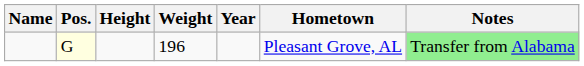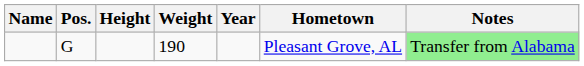 <table class="wikitable sortable" border="1">
 <tr>
 <th>Name</th>
 <th>Pos.</th>
 <th>Height</th>
 <th>Weight</th>
 <th>Year</th>
 <th>Hometown</th>
 <th class="unsortable">Notes</th>
 </tr>
 <tr>
 <td><strong></strong></td>
-<td style="background: lightyellow;">G</td>
+<td>G</td>
 <td></td>
-<td>196</td>
+<td>190</td>
 <td></td>
 <td><a href='#'>Pleasant Grove, AL</a></td>
 <td style="background: lightgreen;">Transfer from <a href='#'>Alabama</a></td>
 </tr>
 </table>
